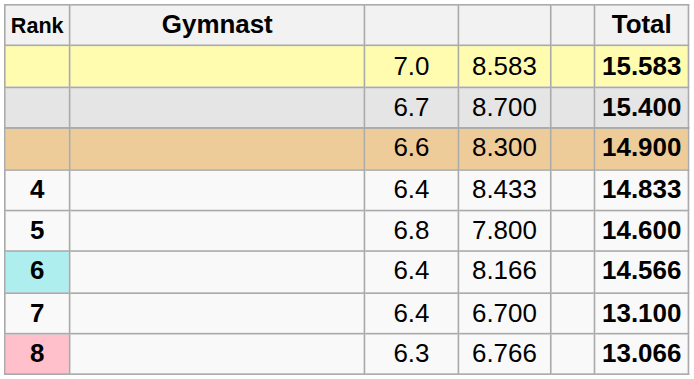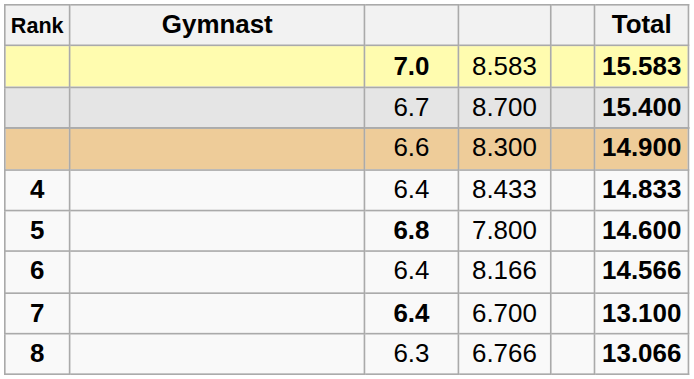 <table style="text-align:center;" class="wikitable sortable">
 <tr>
 <th scope="col" style="width:15px;"><small>Rank</small></th>
 <th scope="col" style="width:175px;">Gymnast</th>
 <th scope="col" style="width:50px;"><small></small></th>
 <th scope="col" style="width:50px;"><small></small></th>
 <th scope="col" style="width:20px;"><small></small></th>
 <th scope="col" style="width:50px;">Total</th>
 </tr>
 <tr style="background:#fffcaf;">
 <td scope="row" style="text-align:center"><strong></strong></td>
 <td style="text-align:left;"></td>
-<td>7.0</td>
+<td><strong>7.0</strong></td>
 <td>8.583</td>
 <td></td>
 <td><strong>15.583</strong></td>
 </tr>
 <tr style="background:#e5e5e5;">
 <td scope="row" style="text-align:center"><strong></strong></td>
 <td style="text-align:left;"></td>
 <td>6.7</td>
 <td>8.700</td>
 <td></td>
 <td><strong>15.400</strong></td>
 </tr>
 <tr>
 </tr>
 <tr style="background:#ec9;">
 <td scope="row" style="text-align:center"><strong></strong></td>
 <td style="text-align:left;"></td>
 <td>6.6</td>
 <td>8.300</td>
 <td></td>
 <td><strong>14.900</strong></td>
 </tr>
 <tr>
 <td scope="row" style="text-align:center"><strong>4</strong></td>
 <td style="text-align:left;"></td>
 <td>6.4</td>
 <td>8.433</td>
 <td></td>
 <td><strong>14.833</strong></td>
 </tr>
 <tr>
 <td scope="row" style="text-align:center"><strong>5</strong></td>
 <td style="text-align:left;"></td>
-<td>6.8</td>
+<td><strong>6.8</strong></td>
 <td>7.800</td>
 <td></td>
 <td><strong>14.600</strong></td>
 </tr>
 <tr>
-<td scope="row" style="background: paleturquoise; text-align:center"><strong>6</strong></td>
+<td scope="row" style="text-align:center"><strong>6</strong></td>
 <td style="text-align:left;"></td>
 <td>6.4</td>
 <td>8.166</td>
 <td></td>
 <td><strong>14.566</strong></td>
 </tr>
 <tr>
 <td scope="row" style="text-align:center"><strong>7</strong></td>
 <td style="text-align:left;"></td>
-<td>6.4</td>
+<td><strong>6.4</strong></td>
 <td>6.700</td>
 <td></td>
 <td><strong>13.100</strong></td>
 </tr>
 <tr>
-<td scope="row" style="background: pink; text-align:center"><strong>8</strong></td>
+<td scope="row" style="text-align:center"><strong>8</strong></td>
 <td style="text-align:left;"></td>
 <td>6.3</td>
 <td>6.766</td>
 <td></td>
 <td><strong>13.066</strong></td>
 </tr>
 </table>
